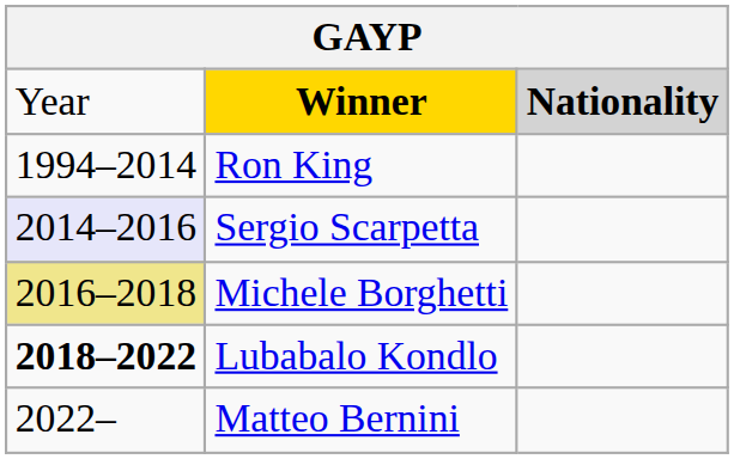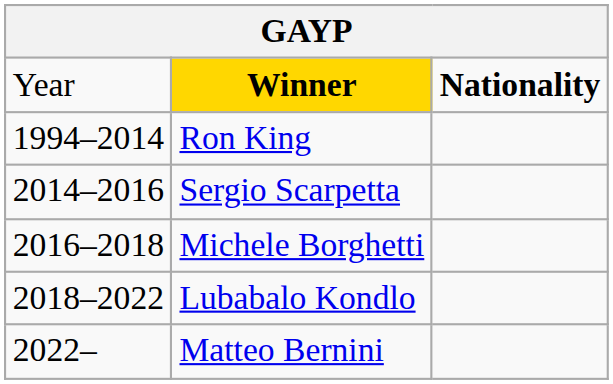 <table class="wikitable">
 <tr>
 <th colspan=6 align="center"><strong>GAYP</strong></th>
 </tr>
 <tr>
 <td>Year</td>
 <td align="center" bgcolor="gold"><strong>Winner</strong></td>
-<td style="background: lightgrey;"><strong>Nationality</strong></td>
+<td><strong>Nationality</strong></td>
 </tr>
 <tr>
 <td>1994–2014</td>
 <td><a href='#'>Ron King</a></td>
 <td align="left"></td>
 </tr>
 <tr>
-<td style="background: lavender;">2014–2016</td>
+<td>2014–2016</td>
 <td><a href='#'>Sergio Scarpetta</a></td>
 <td align="left"></td>
 </tr>
 <tr>
-<td style="background: khaki;">2016–2018</td>
+<td>2016–2018</td>
 <td><a href='#'>Michele Borghetti</a></td>
 <td align="left"></td>
 </tr>
 <tr>
-<td><strong>2018–2022</strong></td>
+<td>2018–2022</td>
 <td><a href='#'>Lubabalo Kondlo</a></td>
 <td align="left"></td>
 </tr>
 <tr>
 <td>2022–</td>
 <td><a href='#'>Matteo Bernini</a></td>
 <td align="left"></td>
 </tr>
 </table>
